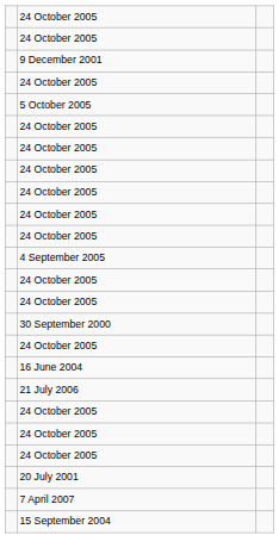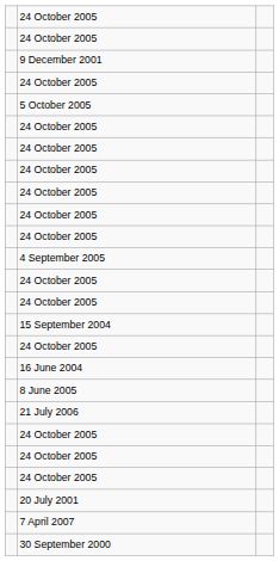 <table class="wikitable" style="font-size: 89%; float: left; width: 26em; margin-right: 1em; line-height: 1.65em !important; height: 675px;">
 <tr>
 <td></td>
 <td>24 October 2005</td>
 <td></td>
 </tr>
 <tr>
 <td></td>
 <td>24 October 2005</td>
 <td></td>
 </tr>
 <tr>
 <td></td>
 <td>9 December 2001</td>
 <td></td>
 </tr>
 <tr>
 <td></td>
 <td>24 October 2005</td>
 <td></td>
 </tr>
 <tr>
 <td></td>
 <td>5 October 2005</td>
 <td></td>
 </tr>
 <tr>
 <td></td>
 <td>24 October 2005</td>
 <td></td>
 </tr>
 <tr>
 <td></td>
 <td>24 October 2005</td>
 <td></td>
 </tr>
 <tr>
 <td></td>
 <td>24 October 2005</td>
 <td></td>
 </tr>
 <tr>
 <td></td>
 <td>24 October 2005</td>
 <td></td>
 </tr>
 <tr>
 <td></td>
 <td>24 October 2005</td>
 <td></td>
 </tr>
 <tr>
 <td></td>
 <td>24 October 2005</td>
 <td></td>
 </tr>
 <tr>
 <td></td>
 <td>4 September 2005</td>
 <td></td>
 </tr>
 <tr>
 <td></td>
 <td>24 October 2005</td>
 <td></td>
 </tr>
 <tr>
 <td></td>
 <td>24 October 2005</td>
 <td></td>
 </tr>
 <tr>
 <td></td>
-<td>30 September 2000</td>
-<td> </td>
+<td>15 September 2004</td>
+<td></td>
 </tr>
 <tr>
 <td></td>
 <td>24 October 2005</td>
 <td></td>
 </tr>
 <tr>
 <td></td>
 <td>16 June 2004</td>
+<td></td>
+</tr>
+<tr>
+<td></td>
+<td>8 June 2005</td>
 <td></td>
 </tr>
 <tr>
 <td></td>
 <td>21 July 2006</td>
 <td></td>
 </tr>
 <tr>
 <td></td>
 <td>24 October 2005</td>
 <td></td>
 </tr>
 <tr>
 <td></td>
 <td>24 October 2005</td>
 <td></td>
 </tr>
 <tr>
 <td></td>
 <td>24 October 2005</td>
 <td></td>
 </tr>
 <tr>
 <td></td>
 <td>20 July 2001</td>
 <td></td>
 </tr>
 <tr>
 <td></td>
 <td>7 April 2007</td>
 <td></td>
 </tr>
 <tr>
 <td></td>
-<td>15 September 2004</td>
-<td></td>
+<td>30 September 2000</td>
+<td> </td>
 </tr>
 </table>
